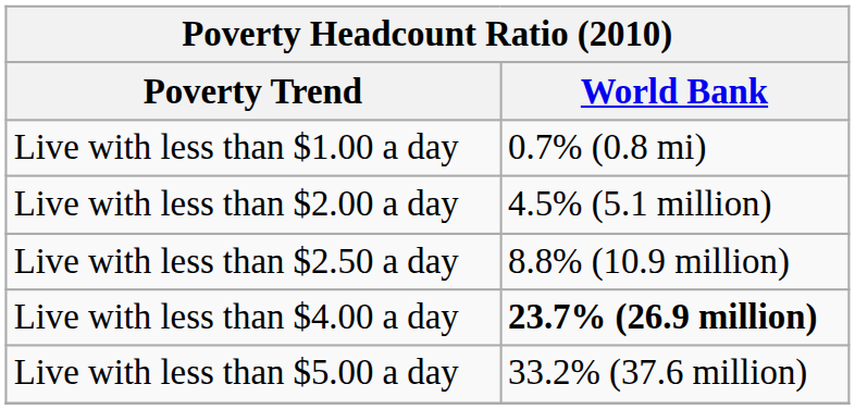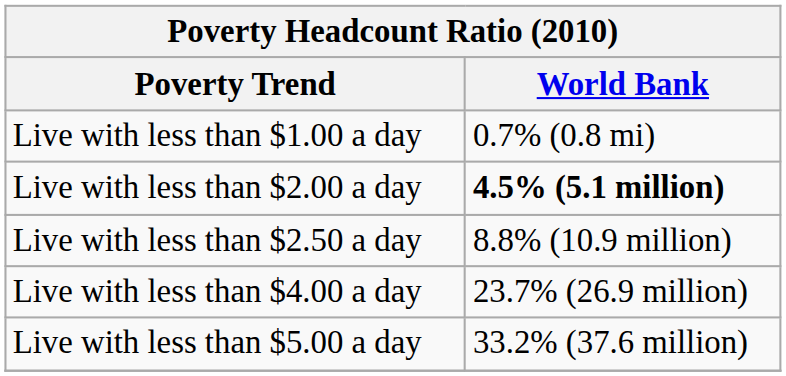 <table class="wikitable sortable" align="right" style="width:30%;">
 <tr>
 <th colspan=3>Poverty Headcount Ratio (2010)</th>
 </tr>
 <tr live with less than 100,000,000.00 || 0.1% (5.3 million)>
 <th>Poverty Trend</th>
 <th><a href='#'>World Bank</a></th>
 </tr>
 <tr>
 <td>Live with less than $1.00 a day</td>
 <td>0.7% (0.8 mi)</td>
 </tr>
 <tr>
 <td>Live with less than $2.00 a day</td>
-<td>4.5% (5.1 million)</td>
+<td><strong>4.5% (5.1 million)</strong></td>
 </tr>
 <tr>
 <td>Live with less than $2.50 a day</td>
 <td>8.8% (10.9 million)</td>
 </tr>
 <tr>
 <td>Live with less than $4.00 a day</td>
-<td><strong>23.7% (26.9 million)</strong></td>
+<td>23.7% (26.9 million)</td>
 </tr>
 <tr>
 <td>Live with less than $5.00 a day</td>
 <td>33.2% (37.6 million)</td>
 </tr>
 <tr>
 </tr>
 </table>
